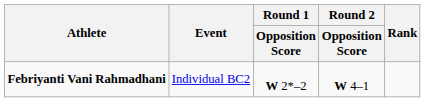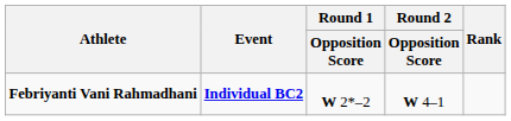 <table class=wikitable style="font-size:90%">
 <tr>
 <th rowspan="2">Athlete</th>
 <th rowspan="2">Event</th>
 <th>Round 1</th>
 <th>Round 2</th>
 <th rowspan="2">Rank</th>
 </tr>
 <tr>
 <th>Opposition<br>Score</th>
 <th>Opposition<br>Score</th>
 </tr>
 <tr align=center>
 <td align=left><strong>Febriyanti Vani Rahmadhani</strong></td>
-<td align=left><a href='#'>Individual BC2</a></td>
+<td align=left><strong><a href='#'>Individual BC2</a></strong></td>
 <td><br><strong>W</strong> 2*–2</td>
 <td><br><strong>W</strong> 4–1</td>
 <td></td>
 </tr>
 </table>
